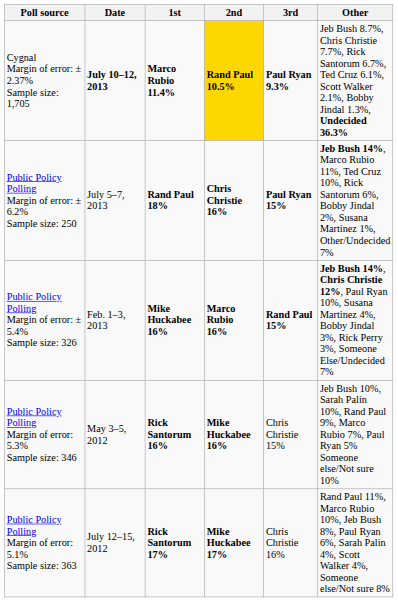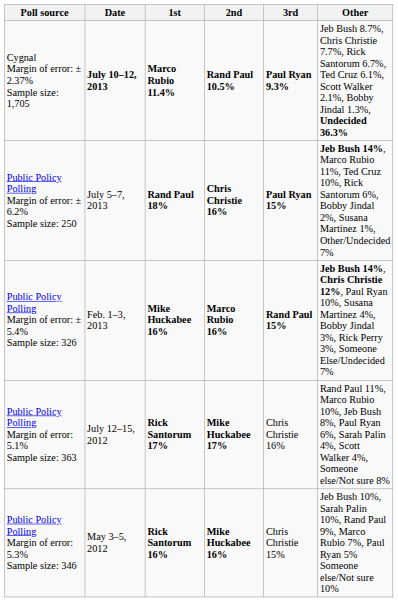 <table class="wikitable">
 <tr>
 <th style="width:180px;">Poll source</th>
 <th style="width:135px;">Date</th>
 <th style="width:100px;">1st</th>
 <th style="width:100px;">2nd</th>
 <th style="width:100px;">3rd</th>
 <th>Other</th>
 </tr>
 <tr>
 <td>Cygnal<br>Margin of error: ± 2.37% <br>Sample size: 1,705</td>
 <td><strong>July 10–12, 2013</strong></td>
 <td><strong>Marco Rubio<br>11.4%</strong></td>
-<td style="background: gold;"><strong>Rand Paul<br>10.5%</strong></td>
+<td><strong>Rand Paul<br>10.5%</strong></td>
 <td><strong>Paul Ryan<br>9.3%</strong></td>
 <td>Jeb Bush 8.7%, Chris Christie 7.7%, Rick Santorum 6.7%, Ted Cruz 6.1%, Scott Walker 2.1%, Bobby Jindal 1.3%, <span><strong>Undecided 36.3%</strong></span></td>
 </tr>
 <tr>
 <td><a href='#'>Public Policy Polling</a><br>Margin of error: ± 6.2% <br>Sample size: 250</td>
 <td>July 5–7, 2013</td>
 <td><strong>Rand Paul<br>18%</strong></td>
 <td><strong>Chris Christie<br>16%</strong></td>
 <td><strong>Paul Ryan<br>15%</strong></td>
 <td><span><strong>Jeb Bush 14%</strong></span>, Marco Rubio 11%, Ted Cruz 10%, Rick Santorum 6%, Bobby Jindal 2%, Susana Martinez 1%, Other/Undecided 7%</td>
 </tr>
 <tr>
 <td><a href='#'>Public Policy Polling</a><br>Margin of error: ± 5.4% <br>Sample size: 326</td>
 <td>Feb. 1–3, 2013</td>
 <td><strong>Mike Huckabee<br>16%</strong></td>
 <td><strong>Marco Rubio<br>16%</strong></td>
 <td><strong>Rand Paul<br>15%</strong></td>
 <td><span><strong>Jeb Bush 14%</strong></span>, <span><strong>Chris Christie 12%</strong></span>, Paul Ryan 10%, Susana Martinez 4%, Bobby Jindal 3%, Rick Perry 3%, Someone Else/Undecided 7%</td>
 </tr>
 <tr>
+<td><a href='#'>Public Policy Polling</a><br>Margin of error: 5.1% <br>Sample size: 363</td>
+<td>July 12–15, 2012</td>
+<td><strong>Rick Santorum<br>17%</strong></td>
+<td><strong>Mike Huckabee<br>17%</strong></td>
+<td>Chris Christie<br>16%</td>
+<td>Rand Paul 11%, Marco Rubio 10%, Jeb Bush 8%, Paul Ryan 6%, Sarah Palin 4%, Scott Walker 4%, Someone else/Not sure 8%</td>
+</tr>
+<tr>
 <td><a href='#'>Public Policy Polling</a><br>Margin of error: 5.3% <br>Sample size: 346</td>
 <td>May 3–5, 2012</td>
 <td><strong>Rick Santorum<br>16%</strong></td>
 <td><strong>Mike Huckabee<br>16%</strong></td>
 <td>Chris Christie<br>15%</td>
 <td>Jeb Bush 10%, Sarah Palin 10%, Rand Paul 9%, Marco Rubio 7%, Paul Ryan 5% Someone else/Not sure 10%</td>
 </tr>
-<tr>
-<td><a href='#'>Public Policy Polling</a><br>Margin of error: 5.1% <br>Sample size: 363</td>
-<td>July 12–15, 2012</td>
-<td><strong>Rick Santorum<br>17%</strong></td>
-<td><strong>Mike Huckabee<br>17%</strong></td>
-<td>Chris Christie<br>16%</td>
-<td>Rand Paul 11%, Marco Rubio 10%, Jeb Bush 8%, Paul Ryan 6%, Sarah Palin 4%, Scott Walker 4%, Someone else/Not sure 8%</td>
-</tr>
 </table>
